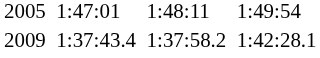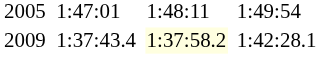 <table>
 <tr>
 <td>2005</td>
 <td></td>
 <td>1:47:01</td>
 <td></td>
 <td>1:48:11</td>
 <td></td>
 <td>1:49:54</td>
 </tr>
 <tr>
 <td>2009</td>
 <td></td>
 <td>1:37:43.4</td>
 <td></td>
-<td>1:37:58.2</td>
+<td style="background: lightyellow;">1:37:58.2</td>
 <td></td>
 <td>1:42:28.1</td>
 </tr>
 </table>
